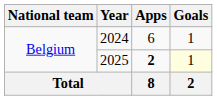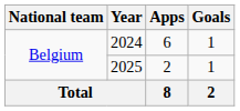 <table class="wikitable" style="text-align: center;">
 <tr>
 <th>National team</th>
 <th>Year</th>
 <th>Apps</th>
 <th>Goals</th>
 </tr>
 <tr>
 <td rowspan="2"><a href='#'>Belgium</a></td>
 <td>2024</td>
 <td>6</td>
 <td>1</td>
 </tr>
 <tr>
 <td>2025</td>
-<td><strong>2</strong></td>
-<td style="background: lightyellow;">1</td>
+<td>2</td>
+<td>1</td>
 </tr>
 <tr>
 <th colspan="2">Total</th>
 <th>8</th>
 <th>2</th>
 </tr>
 </table>
